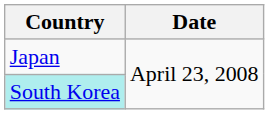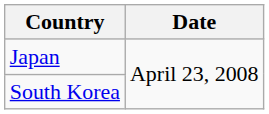 <table class="wikitable">
 <tr>
 <th>Country</th>
 <th>Date</th>
 </tr>
 <tr>
 <td><a href='#'>Japan</a></td>
 <td rowspan="2">April 23, 2008</td>
 </tr>
 <tr>
-<td style="background: paleturquoise;"><a href='#'>South Korea</a></td>
+<td><a href='#'>South Korea</a></td>
 </tr>
 </table>
